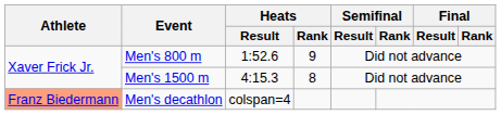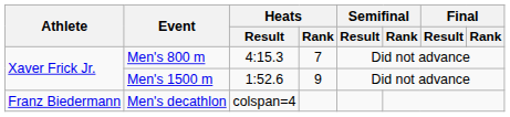 <table class="wikitable" style="font-size:90%">
 <tr>
 <th rowspan="2">Athlete</th>
 <th rowspan="2">Event</th>
 <th colspan="2">Heats</th>
 <th colspan="2">Semifinal</th>
 <th colspan="2">Final</th>
 </tr>
 <tr style="font-size:95%">
 <th>Result</th>
 <th>Rank</th>
 <th>Result</th>
 <th>Rank</th>
 <th>Result</th>
 <th>Rank</th>
 </tr>
 <tr align="center">
 <td rowspan="2" align="left"><a href='#'>Xaver Frick Jr.</a></td>
 <td align="left"><a href='#'>Men's 800 m</a></td>
+<td>4:15.3</td>
+<td>7</td>
+<td colspan="4">Did not advance</td>
+</tr>
+<tr align="center">
+<td align="left"><a href='#'>Men's 1500 m</a></td>
 <td>1:52.6</td>
 <td>9</td>
 <td colspan="4">Did not advance</td>
 </tr>
-<tr align="center">
-<td align="left"><a href='#'>Men's 1500 m</a></td>
-<td>4:15.3</td>
-<td>8</td>
-<td colspan="4">Did not advance</td>
-</tr>
 <tr>
-<td style="background: lightsalmon;"><a href='#'>Franz Biedermann</a></td>
+<td><a href='#'>Franz Biedermann</a></td>
 <td align=left><a href='#'>Men's decathlon</a></td>
 <td>colspan=4 </td>
 <td></td>
 <td></td>
 </tr>
 </table>
